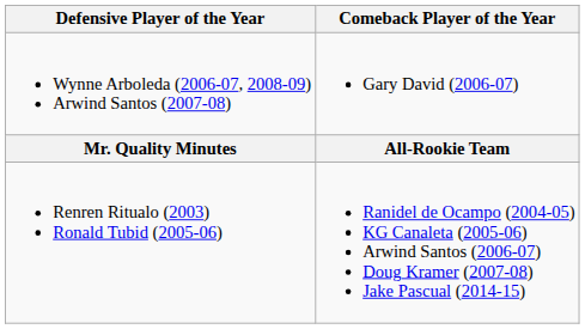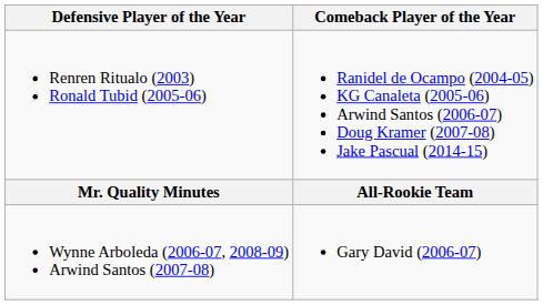 <table class=wikitable>
 <tr>
 <th>Defensive Player of the Year</th>
 <th>Comeback Player of the Year</th>
 </tr>
 <tr>
-<td valign="top"><br><ul><li>Wynne Arboleda (<a href='#'>2006-07</a>, <a href='#'>2008-09</a>)</li><li>Arwind Santos (<a href='#'>2007-08</a>)</li></ul></td>
-<td valign="top"><br><ul><li>Gary David (<a href='#'>2006-07</a>)</li></ul></td>
+<td valign="top"><br><ul><li>Renren Ritualo (<a href='#'>2003</a>)</li><li><a href='#'>Ronald Tubid</a> (<a href='#'>2005-06</a>)</li></ul></td>
+<td valign="top"><br><ul><li><a href='#'>Ranidel de Ocampo</a> (<a href='#'>2004-05</a>)</li><li><a href='#'>KG Canaleta</a> (<a href='#'>2005-06</a>)</li><li>Arwind Santos (<a href='#'>2006-07</a>)</li><li><a href='#'>Doug Kramer</a> (<a href='#'>2007-08</a>)</li><li><a href='#'>Jake Pascual</a> (<a href='#'>2014-15</a>)</li></ul></td>
 </tr>
 <tr>
 <th>Mr. Quality Minutes</th>
 <th>All-Rookie Team</th>
 </tr>
 <tr>
-<td valign="top"><br><ul><li>Renren Ritualo (<a href='#'>2003</a>)</li><li><a href='#'>Ronald Tubid</a> (<a href='#'>2005-06</a>)</li></ul></td>
-<td valign="top"><br><ul><li><a href='#'>Ranidel de Ocampo</a> (<a href='#'>2004-05</a>)</li><li><a href='#'>KG Canaleta</a> (<a href='#'>2005-06</a>)</li><li>Arwind Santos (<a href='#'>2006-07</a>)</li><li><a href='#'>Doug Kramer</a> (<a href='#'>2007-08</a>)</li><li><a href='#'>Jake Pascual</a> (<a href='#'>2014-15</a>)</li></ul></td>
+<td valign="top"><br><ul><li>Wynne Arboleda (<a href='#'>2006-07</a>, <a href='#'>2008-09</a>)</li><li>Arwind Santos (<a href='#'>2007-08</a>)</li></ul></td>
+<td valign="top"><br><ul><li>Gary David (<a href='#'>2006-07</a>)</li></ul></td>
 </tr>
 </table>
